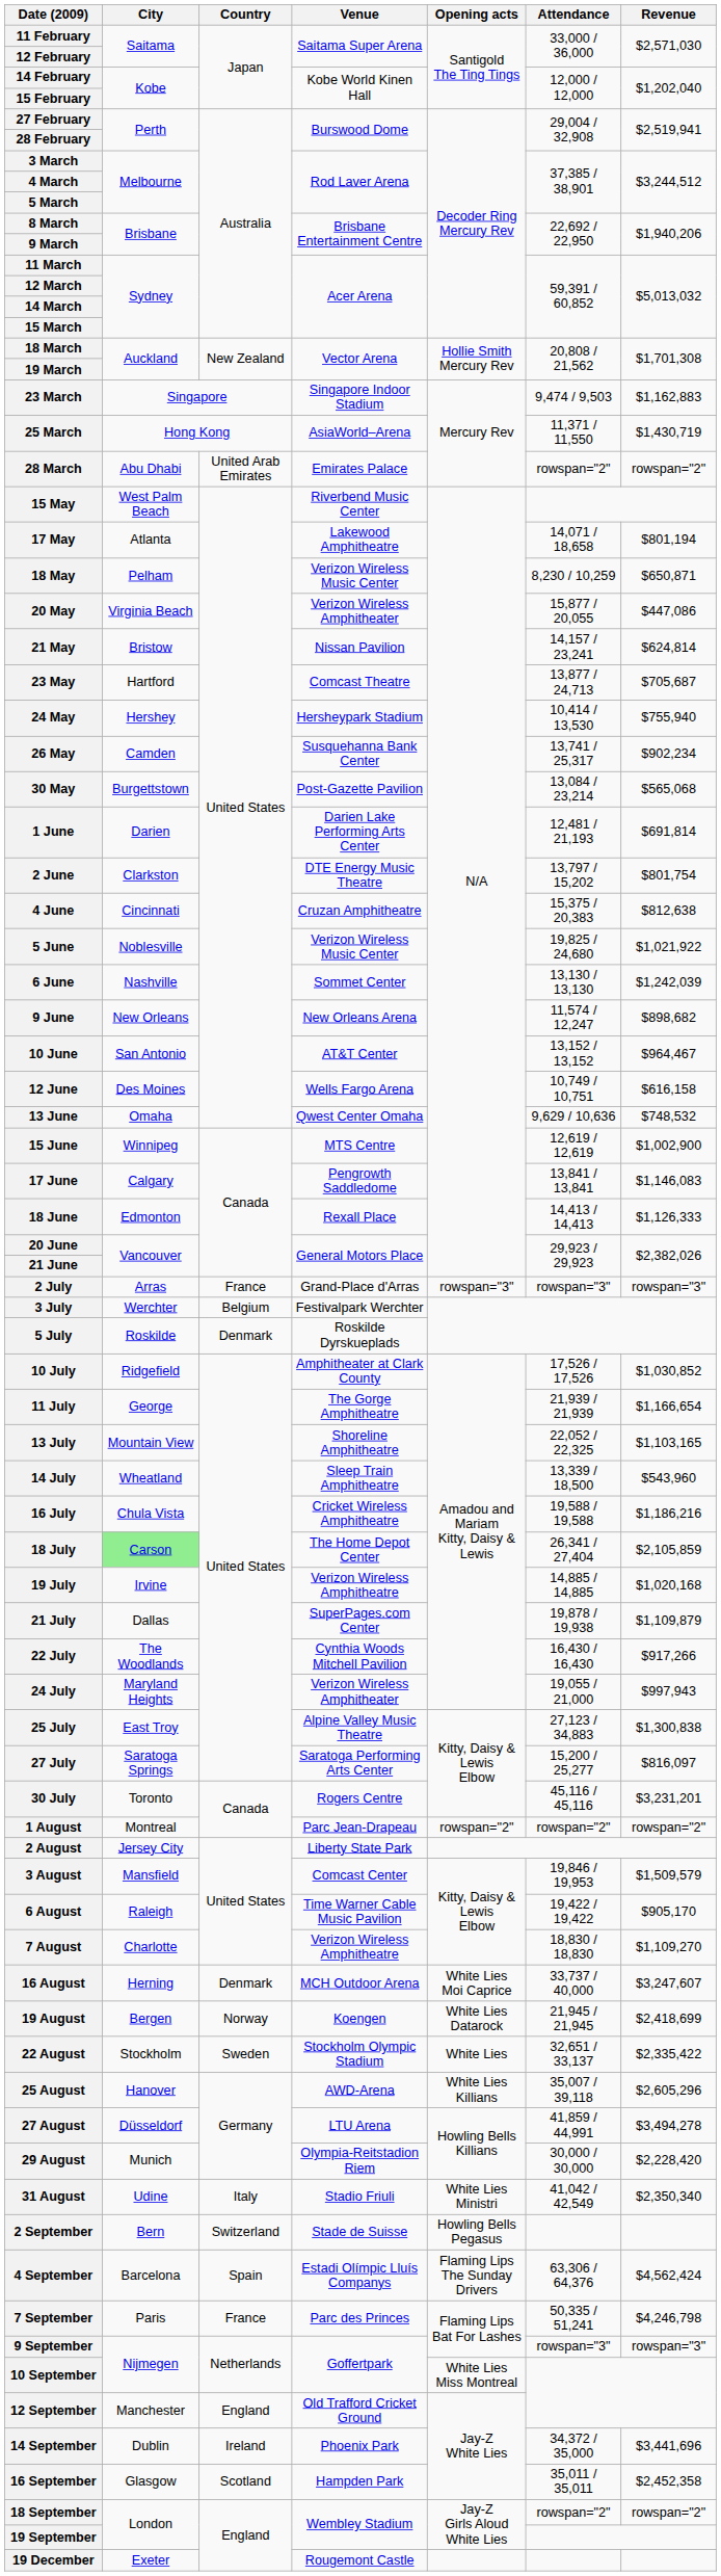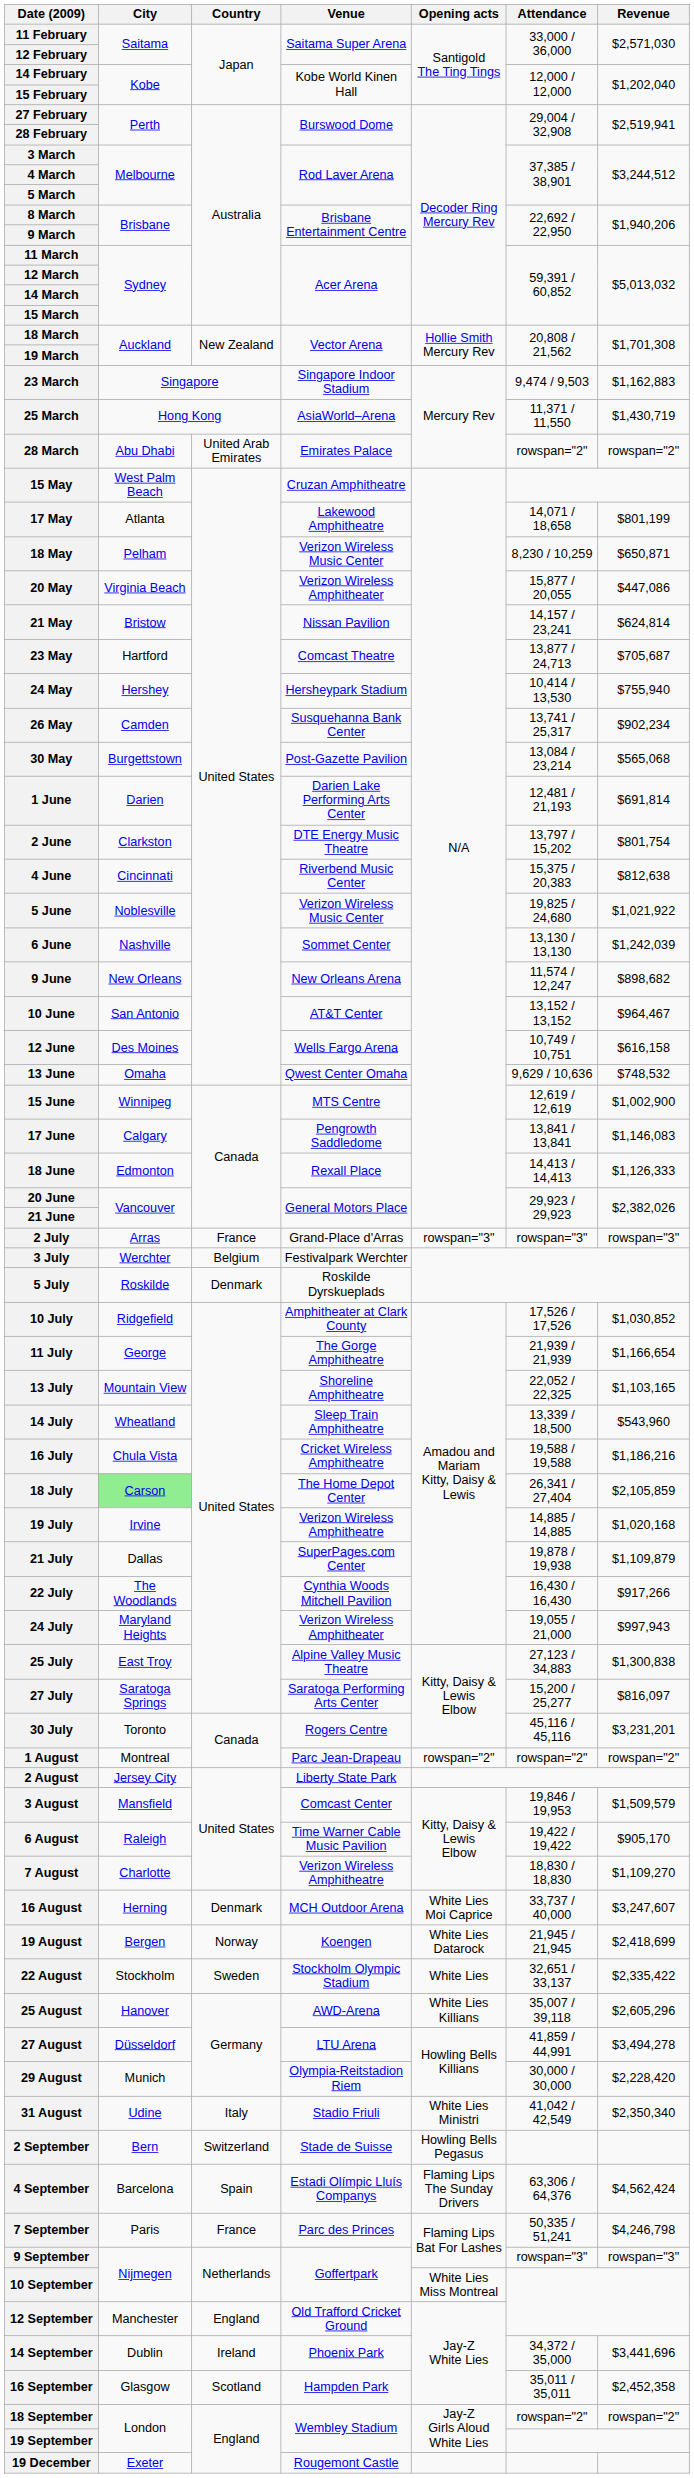 <table class="wikitable plainrowheaders" style="text-align:center;">
 <tr>
 <th scope="col" style="width:12em;">Date (2009)</th>
 <th scope="col" style="width:10em;">City</th>
 <th scope="col" style="width:10em;">Country</th>
 <th scope="col" style="width:16em;">Venue</th>
 <th scope="col" style="width:11em;">Opening acts</th>
 <th scope="col" style="width:10em;">Attendance</th>
 <th scope="col" style="width:10em;">Revenue</th>
 </tr>
 <tr>
 <th scope="row" style="text-align:center;">11 February</th>
 <td rowspan="2"><a href='#'>Saitama</a></td>
 <td rowspan="4">Japan</td>
 <td rowspan="2"><a href='#'>Saitama Super Arena</a></td>
 <td rowspan="4">Santigold<br><a href='#'>The Ting Tings</a></td>
 <td rowspan="2">33,000 / 36,000</td>
 <td rowspan="2">$2,571,030</td>
 </tr>
 <tr>
 <th scope="row" style="text-align:center;">12 February</th>
 </tr>
 <tr>
 <th scope="row" style="text-align:center;">14 February</th>
 <td rowspan="2"><a href='#'>Kobe</a></td>
 <td rowspan="2">Kobe World Kinen Hall</td>
 <td rowspan="2">12,000 / 12,000</td>
 <td rowspan="2">$1,202,040</td>
 </tr>
 <tr>
 <th scope="row" style="text-align:center;">15 February</th>
 </tr>
 <tr>
 <th scope="row" style="text-align:center;">27 February</th>
 <td rowspan="2"><a href='#'>Perth</a></td>
 <td rowspan="11">Australia</td>
 <td rowspan="2"><a href='#'>Burswood Dome</a></td>
 <td rowspan="11"><a href='#'>Decoder Ring</a><br><a href='#'>Mercury Rev</a></td>
 <td rowspan="2">29,004 / 32,908</td>
 <td rowspan="2">$2,519,941</td>
 </tr>
 <tr>
 <th scope="row" style="text-align:center;">28 February</th>
 </tr>
 <tr>
 <th scope="row" style="text-align:center;">3 March</th>
 <td rowspan="3"><a href='#'>Melbourne</a></td>
 <td rowspan="3"><a href='#'>Rod Laver Arena</a></td>
 <td rowspan="3">37,385 / 38,901</td>
 <td rowspan="3">$3,244,512</td>
 </tr>
 <tr>
 <th scope="row" style="text-align:center;">4 March</th>
 </tr>
 <tr>
 <th scope="row" style="text-align:center;">5 March</th>
 </tr>
 <tr>
 <th scope="row" style="text-align:center;">8 March</th>
 <td rowspan="2"><a href='#'>Brisbane</a></td>
 <td rowspan="2"><a href='#'>Brisbane Entertainment Centre</a></td>
 <td rowspan="2">22,692 / 22,950</td>
 <td rowspan="2">$1,940,206</td>
 </tr>
 <tr>
 <th scope="row" style="text-align:center;">9 March</th>
 </tr>
 <tr>
 <th scope="row" style="text-align:center;">11 March</th>
 <td rowspan="4"><a href='#'>Sydney</a></td>
 <td rowspan="4"><a href='#'>Acer Arena</a></td>
 <td rowspan="4">59,391 / 60,852</td>
 <td rowspan="4">$5,013,032</td>
 </tr>
 <tr>
 <th scope="row" style="text-align:center;">12 March</th>
 </tr>
 <tr>
 <th scope="row" style="text-align:center;">14 March</th>
 </tr>
 <tr>
 <th scope="row" style="text-align:center;">15 March</th>
 </tr>
 <tr>
 <th scope="row" style="text-align:center;">18 March</th>
 <td rowspan="2"><a href='#'>Auckland</a></td>
 <td rowspan="2">New Zealand</td>
 <td rowspan="2"><a href='#'>Vector Arena</a></td>
 <td rowspan="2"><a href='#'>Hollie Smith</a><br>Mercury Rev</td>
 <td rowspan="2">20,808 / 21,562</td>
 <td rowspan="2">$1,701,308</td>
 </tr>
 <tr>
 <th scope="row" style="text-align:center;">19 March</th>
 </tr>
 <tr>
 <th scope="row" style="text-align:center;">23 March</th>
 <td colspan="2"><a href='#'>Singapore</a></td>
 <td><a href='#'>Singapore Indoor Stadium</a></td>
 <td rowspan="3">Mercury Rev</td>
 <td>9,474 / 9,503</td>
 <td>$1,162,883</td>
 </tr>
 <tr>
 <th scope="row" style="text-align:center;">25 March</th>
 <td colspan="2"><a href='#'>Hong Kong</a></td>
 <td><a href='#'>AsiaWorld–Arena</a></td>
 <td>11,371 / 11,550</td>
 <td>$1,430,719</td>
 </tr>
 <tr>
 <th scope="row" style="text-align:center;">28 March</th>
 <td><a href='#'>Abu Dhabi</a></td>
 <td>United Arab Emirates</td>
 <td><a href='#'>Emirates Palace</a></td>
 <td>rowspan="2" </td>
 <td>rowspan="2" </td>
 </tr>
 <tr>
 <th scope="row" style="text-align:center;">15 May</th>
 <td><a href='#'>West Palm Beach</a></td>
 <td rowspan="18">United States</td>
-<td><a href='#'>Riverbend Music Center</a></td>
+<td><a href='#'>Cruzan Amphitheatre</a></td>
 <td rowspan="23">N/A</td>
 </tr>
 <tr>
 <th scope="row" style="text-align:center;">17 May</th>
 <td>Atlanta</td>
 <td><a href='#'>Lakewood Amphitheatre</a></td>
 <td>14,071 / 18,658</td>
-<td>$801,194</td>
+<td>$801,199</td>
 </tr>
 <tr>
 <th scope="row" style="text-align:center;">18 May</th>
 <td><a href='#'>Pelham</a></td>
 <td><a href='#'>Verizon Wireless Music Center</a></td>
 <td>8,230 / 10,259</td>
 <td>$650,871</td>
 </tr>
 <tr>
 <th scope="row" style="text-align:center;">20 May</th>
 <td><a href='#'>Virginia Beach</a></td>
 <td><a href='#'>Verizon Wireless Amphitheater</a></td>
 <td>15,877 / 20,055</td>
 <td>$447,086</td>
 </tr>
 <tr>
 <th scope="row" style="text-align:center;">21 May</th>
 <td><a href='#'>Bristow</a></td>
 <td><a href='#'>Nissan Pavilion</a></td>
 <td>14,157 / 23,241</td>
 <td>$624,814</td>
 </tr>
 <tr>
 <th scope="row" style="text-align:center;">23 May</th>
 <td>Hartford</td>
 <td><a href='#'>Comcast Theatre</a></td>
 <td>13,877 / 24,713</td>
 <td>$705,687</td>
 </tr>
 <tr>
 <th scope="row" style="text-align:center;">24 May</th>
 <td><a href='#'>Hershey</a></td>
 <td><a href='#'>Hersheypark Stadium</a></td>
 <td>10,414 / 13,530</td>
 <td>$755,940</td>
 </tr>
 <tr>
 <th scope="row" style="text-align:center;">26 May</th>
 <td><a href='#'>Camden</a></td>
 <td><a href='#'>Susquehanna Bank Center</a></td>
 <td>13,741 / 25,317</td>
 <td>$902,234</td>
 </tr>
 <tr>
 <th scope="row" style="text-align:center;">30 May</th>
 <td><a href='#'>Burgettstown</a></td>
 <td><a href='#'>Post-Gazette Pavilion</a></td>
 <td>13,084 / 23,214</td>
 <td>$565,068</td>
 </tr>
 <tr>
 <th scope="row" style="text-align:center;">1 June</th>
 <td><a href='#'>Darien</a></td>
 <td><a href='#'>Darien Lake Performing Arts Center</a></td>
 <td>12,481 / 21,193</td>
 <td>$691,814</td>
 </tr>
 <tr>
 <th scope="row" style="text-align:center;">2 June</th>
 <td><a href='#'>Clarkston</a></td>
 <td><a href='#'>DTE Energy Music Theatre</a></td>
 <td>13,797 / 15,202</td>
 <td>$801,754</td>
 </tr>
 <tr>
 <th scope="row" style="text-align:center;">4 June</th>
 <td><a href='#'>Cincinnati</a></td>
-<td><a href='#'>Cruzan Amphitheatre</a></td>
+<td><a href='#'>Riverbend Music Center</a></td>
 <td>15,375 / 20,383</td>
 <td>$812,638</td>
 </tr>
 <tr>
 <th scope="row" style="text-align:center;">5 June</th>
 <td><a href='#'>Noblesville</a></td>
 <td><a href='#'>Verizon Wireless Music Center</a></td>
 <td>19,825 / 24,680</td>
 <td>$1,021,922</td>
 </tr>
 <tr>
 <th scope="row" style="text-align:center;">6 June</th>
 <td><a href='#'>Nashville</a></td>
 <td><a href='#'>Sommet Center</a></td>
 <td>13,130 / 13,130</td>
 <td>$1,242,039</td>
 </tr>
 <tr>
 <th scope="row" style="text-align:center;">9 June</th>
 <td><a href='#'>New Orleans</a></td>
 <td><a href='#'>New Orleans Arena</a></td>
 <td>11,574 / 12,247</td>
 <td>$898,682</td>
 </tr>
 <tr>
 <th scope="row" style="text-align:center;">10 June</th>
 <td><a href='#'>San Antonio</a></td>
 <td><a href='#'>AT&T Center</a></td>
 <td>13,152 / 13,152</td>
 <td>$964,467</td>
 </tr>
 <tr>
 <th scope="row" style="text-align:center;">12 June</th>
 <td><a href='#'>Des Moines</a></td>
 <td><a href='#'>Wells Fargo Arena</a></td>
 <td>10,749 / 10,751</td>
 <td>$616,158</td>
 </tr>
 <tr>
 <th scope="row" style="text-align:center;">13 June</th>
 <td><a href='#'>Omaha</a></td>
 <td><a href='#'>Qwest Center Omaha</a></td>
 <td>9,629 / 10,636</td>
 <td>$748,532</td>
 </tr>
 <tr>
 <th scope="row" style="text-align:center;">15 June</th>
 <td><a href='#'>Winnipeg</a></td>
 <td rowspan="5">Canada</td>
 <td><a href='#'>MTS Centre</a></td>
 <td>12,619 / 12,619</td>
 <td>$1,002,900</td>
 </tr>
 <tr>
 <th scope="row" style="text-align:center;">17 June</th>
 <td><a href='#'>Calgary</a></td>
 <td><a href='#'>Pengrowth Saddledome</a></td>
 <td>13,841 / 13,841</td>
 <td>$1,146,083</td>
 </tr>
 <tr>
 <th scope="row" style="text-align:center;">18 June</th>
 <td><a href='#'>Edmonton</a></td>
 <td><a href='#'>Rexall Place</a></td>
 <td>14,413 / 14,413</td>
 <td>$1,126,333</td>
 </tr>
 <tr>
 <th scope="row" style="text-align:center;">20 June</th>
 <td rowspan="2"><a href='#'>Vancouver</a></td>
 <td rowspan="2"><a href='#'>General Motors Place</a></td>
 <td rowspan="2">29,923 / 29,923</td>
 <td rowspan="2">$2,382,026</td>
 </tr>
 <tr>
 <th scope="row" style="text-align:center;">21 June</th>
 </tr>
 <tr>
 <th scope="row" style="text-align:center;">2 July</th>
 <td><a href='#'>Arras</a></td>
 <td>France</td>
 <td>Grand-Place d'Arras</td>
 <td>rowspan="3" </td>
 <td>rowspan="3" </td>
 <td>rowspan="3" </td>
 </tr>
 <tr>
 <th scope="row" style="text-align:center;">3 July</th>
 <td><a href='#'>Werchter</a></td>
 <td>Belgium</td>
 <td>Festivalpark Werchter</td>
 </tr>
 <tr>
 <th scope="row" style="text-align:center;">5 July</th>
 <td><a href='#'>Roskilde</a></td>
 <td>Denmark</td>
 <td>Roskilde Dyrskueplads</td>
 </tr>
 <tr>
 <th scope="row" style="text-align:center;">10 July</th>
 <td><a href='#'>Ridgefield</a></td>
 <td rowspan="12">United States</td>
 <td><a href='#'>Amphitheater at Clark County</a></td>
 <td rowspan="10">Amadou and Mariam<br>Kitty, Daisy & Lewis</td>
 <td>17,526 / 17,526</td>
 <td>$1,030,852</td>
 </tr>
 <tr>
 <th scope="row" style="text-align:center;">11 July</th>
 <td><a href='#'>George</a></td>
 <td><a href='#'>The Gorge Amphitheatre</a></td>
 <td>21,939 / 21,939</td>
 <td>$1,166,654</td>
 </tr>
 <tr>
 <th scope="row" style="text-align:center;">13 July</th>
 <td><a href='#'>Mountain View</a></td>
 <td><a href='#'>Shoreline Amphitheatre</a></td>
 <td>22,052 / 22,325</td>
 <td>$1,103,165</td>
 </tr>
 <tr>
 <th scope="row" style="text-align:center;">14 July</th>
 <td><a href='#'>Wheatland</a></td>
 <td><a href='#'>Sleep Train Amphitheatre</a></td>
 <td>13,339 / 18,500</td>
 <td>$543,960</td>
 </tr>
 <tr>
 <th scope="row" style="text-align:center;">16 July</th>
 <td><a href='#'>Chula Vista</a></td>
 <td><a href='#'>Cricket Wireless Amphitheatre</a></td>
 <td>19,588 / 19,588</td>
 <td>$1,186,216</td>
 </tr>
 <tr>
 <th scope="row" style="text-align:center;">18 July</th>
 <td style="background: lightgreen;"><a href='#'>Carson</a></td>
 <td><a href='#'>The Home Depot Center</a></td>
 <td>26,341 / 27,404</td>
 <td>$2,105,859</td>
 </tr>
 <tr>
 <th scope="row" style="text-align:center;">19 July</th>
 <td><a href='#'>Irvine</a></td>
 <td><a href='#'>Verizon Wireless Amphitheatre</a></td>
 <td>14,885 / 14,885</td>
 <td>$1,020,168</td>
 </tr>
 <tr>
 <th scope="row" style="text-align:center;">21 July</th>
 <td>Dallas</td>
 <td><a href='#'>SuperPages.com Center</a></td>
 <td>19,878 / 19,938</td>
 <td>$1,109,879</td>
 </tr>
 <tr>
 <th scope="row" style="text-align:center;">22 July</th>
 <td><a href='#'>The Woodlands</a></td>
 <td><a href='#'>Cynthia Woods Mitchell Pavilion</a></td>
 <td>16,430 / 16,430</td>
 <td>$917,266</td>
 </tr>
 <tr>
 <th scope="row" style="text-align:center;">24 July</th>
 <td><a href='#'>Maryland Heights</a></td>
 <td><a href='#'>Verizon Wireless Amphitheater</a></td>
 <td>19,055 / 21,000</td>
 <td>$997,943</td>
 </tr>
 <tr>
 <th scope="row" style="text-align:center;">25 July</th>
 <td><a href='#'>East Troy</a></td>
 <td><a href='#'>Alpine Valley Music Theatre</a></td>
 <td rowspan="3">Kitty, Daisy & Lewis<br>Elbow</td>
 <td>27,123 / 34,883</td>
 <td>$1,300,838</td>
 </tr>
 <tr>
 <th scope="row" style="text-align:center;">27 July</th>
 <td><a href='#'>Saratoga Springs</a></td>
 <td><a href='#'>Saratoga Performing Arts Center</a></td>
 <td>15,200 / 25,277</td>
 <td>$816,097</td>
 </tr>
 <tr>
 <th scope="row" style="text-align:center;">30 July</th>
 <td>Toronto</td>
 <td rowspan="2">Canada</td>
 <td><a href='#'>Rogers Centre</a></td>
 <td>45,116 / 45,116</td>
 <td>$3,231,201</td>
 </tr>
 <tr>
 <th scope="row" style="text-align:center;">1 August</th>
 <td>Montreal</td>
 <td><a href='#'>Parc Jean-Drapeau</a></td>
 <td>rowspan="2" </td>
 <td>rowspan="2" </td>
 <td>rowspan="2" </td>
 </tr>
 <tr>
 <th scope="row" style="text-align:center;">2 August</th>
 <td><a href='#'>Jersey City</a></td>
 <td rowspan="4">United States</td>
 <td><a href='#'>Liberty State Park</a></td>
 </tr>
 <tr>
 <th scope="row" style="text-align:center;">3 August</th>
 <td><a href='#'>Mansfield</a></td>
 <td><a href='#'>Comcast Center</a></td>
 <td rowspan="3">Kitty, Daisy & Lewis<br>Elbow</td>
 <td>19,846  / 19,953</td>
 <td>$1,509,579</td>
 </tr>
 <tr>
 <th scope="row" style="text-align:center;">6 August</th>
 <td><a href='#'>Raleigh</a></td>
 <td><a href='#'>Time Warner Cable Music Pavilion</a></td>
 <td>19,422 / 19,422</td>
 <td>$905,170</td>
 </tr>
 <tr>
 <th scope="row" style="text-align:center;">7 August</th>
 <td><a href='#'>Charlotte</a></td>
 <td><a href='#'>Verizon Wireless Amphitheatre</a></td>
 <td>18,830 / 18,830</td>
 <td>$1,109,270</td>
 </tr>
 <tr>
 <th scope="row" style="text-align:center;">16 August</th>
 <td><a href='#'>Herning</a></td>
 <td>Denmark</td>
 <td><a href='#'>MCH Outdoor Arena</a></td>
 <td>White Lies<br>Moi Caprice</td>
 <td>33,737 / 40,000</td>
 <td>$3,247,607</td>
 </tr>
 <tr>
 <th scope="row" style="text-align:center;">19 August</th>
 <td><a href='#'>Bergen</a></td>
 <td>Norway</td>
 <td><a href='#'>Koengen</a></td>
 <td>White Lies<br>Datarock</td>
 <td>21,945 / 21,945</td>
 <td>$2,418,699</td>
 </tr>
 <tr>
 <th scope="row" style="text-align:center;">22 August</th>
 <td>Stockholm</td>
 <td>Sweden</td>
 <td><a href='#'>Stockholm Olympic Stadium</a></td>
 <td>White Lies</td>
 <td>32,651 / 33,137</td>
 <td>$2,335,422</td>
 </tr>
 <tr>
 <th scope="row" style="text-align:center;">25 August</th>
 <td><a href='#'>Hanover</a></td>
 <td rowspan="3">Germany</td>
 <td><a href='#'>AWD-Arena</a></td>
 <td>White Lies<br>Killians</td>
 <td>35,007 / 39,118</td>
 <td>$2,605,296</td>
 </tr>
 <tr>
 <th scope="row" style="text-align:center;">27 August</th>
 <td><a href='#'>Düsseldorf</a></td>
 <td><a href='#'>LTU Arena</a></td>
 <td rowspan="2">Howling Bells<br>Killians</td>
 <td>41,859 / 44,991</td>
 <td>$3,494,278</td>
 </tr>
 <tr>
 <th scope="row" style="text-align:center;">29 August</th>
 <td>Munich</td>
 <td><a href='#'>Olympia-Reitstadion Riem</a></td>
 <td>30,000 / 30,000</td>
 <td>$2,228,420</td>
 </tr>
 <tr>
 <th scope="row" style="text-align:center;">31 August</th>
 <td><a href='#'>Udine</a></td>
 <td>Italy</td>
 <td><a href='#'>Stadio Friuli</a></td>
 <td>White Lies<br>Ministri</td>
 <td>41,042 / 42,549</td>
 <td>$2,350,340</td>
 </tr>
 <tr>
 <th scope="row" style="text-align:center;">2 September</th>
 <td><a href='#'>Bern</a></td>
 <td>Switzerland</td>
 <td><a href='#'>Stade de Suisse</a></td>
 <td>Howling Bells<br>Pegasus</td>
 <td></td>
 <td></td>
 </tr>
 <tr>
 <th scope="row" style="text-align:center;">4 September</th>
 <td>Barcelona</td>
 <td>Spain</td>
 <td><a href='#'>Estadi Olímpic Lluís Companys</a></td>
 <td>Flaming Lips<br>The Sunday Drivers</td>
 <td>63,306 / 64,376</td>
 <td>$4,562,424</td>
 </tr>
 <tr>
 <th scope="row" style="text-align:center;">7 September</th>
 <td>Paris</td>
 <td>France</td>
 <td><a href='#'>Parc des Princes</a></td>
 <td rowspan="2">Flaming Lips<br>Bat For Lashes</td>
 <td>50,335 / 51,241</td>
 <td>$4,246,798</td>
 </tr>
 <tr>
 <th scope="row" style="text-align:center;">9 September</th>
 <td rowspan="2"><a href='#'>Nijmegen</a></td>
 <td rowspan="2">Netherlands</td>
 <td rowspan="2"><a href='#'>Goffertpark</a></td>
 <td>rowspan="3" </td>
 <td>rowspan="3" </td>
 </tr>
 <tr>
 <th scope="row" style="text-align:center;">10 September</th>
 <td>White Lies<br>Miss Montreal</td>
 </tr>
 <tr>
 <th scope="row" style="text-align:center;">12 September</th>
 <td>Manchester</td>
 <td>England</td>
 <td><a href='#'>Old Trafford Cricket Ground</a></td>
 <td rowspan="3">Jay-Z<br>White Lies</td>
 </tr>
 <tr>
 <th scope="row" style="text-align:center;">14 September</th>
 <td>Dublin</td>
 <td>Ireland</td>
 <td><a href='#'>Phoenix Park</a></td>
 <td>34,372 / 35,000</td>
 <td>$3,441,696</td>
 </tr>
 <tr>
 <th scope="row" style="text-align:center;">16 September</th>
 <td>Glasgow</td>
 <td>Scotland</td>
 <td><a href='#'>Hampden Park</a></td>
 <td>35,011 / 35,011</td>
 <td>$2,452,358</td>
 </tr>
 <tr>
 <th scope="row" style="text-align:center;">18 September</th>
 <td rowspan="2">London</td>
 <td rowspan="3">England</td>
 <td rowspan="2"><a href='#'>Wembley Stadium</a></td>
 <td rowspan="2">Jay-Z<br>Girls Aloud<br>White Lies</td>
 <td>rowspan="2" </td>
 <td>rowspan="2" </td>
 </tr>
 <tr>
 <th scope="row" style="text-align:center;">19 September</th>
 </tr>
 <tr>
 <th scope="row" style="text-align:center;">19 December</th>
 <td><a href='#'>Exeter</a></td>
 <td><a href='#'>Rougemont Castle</a></td>
 <td></td>
 <td></td>
 <td></td>
 </tr>
 </table>
